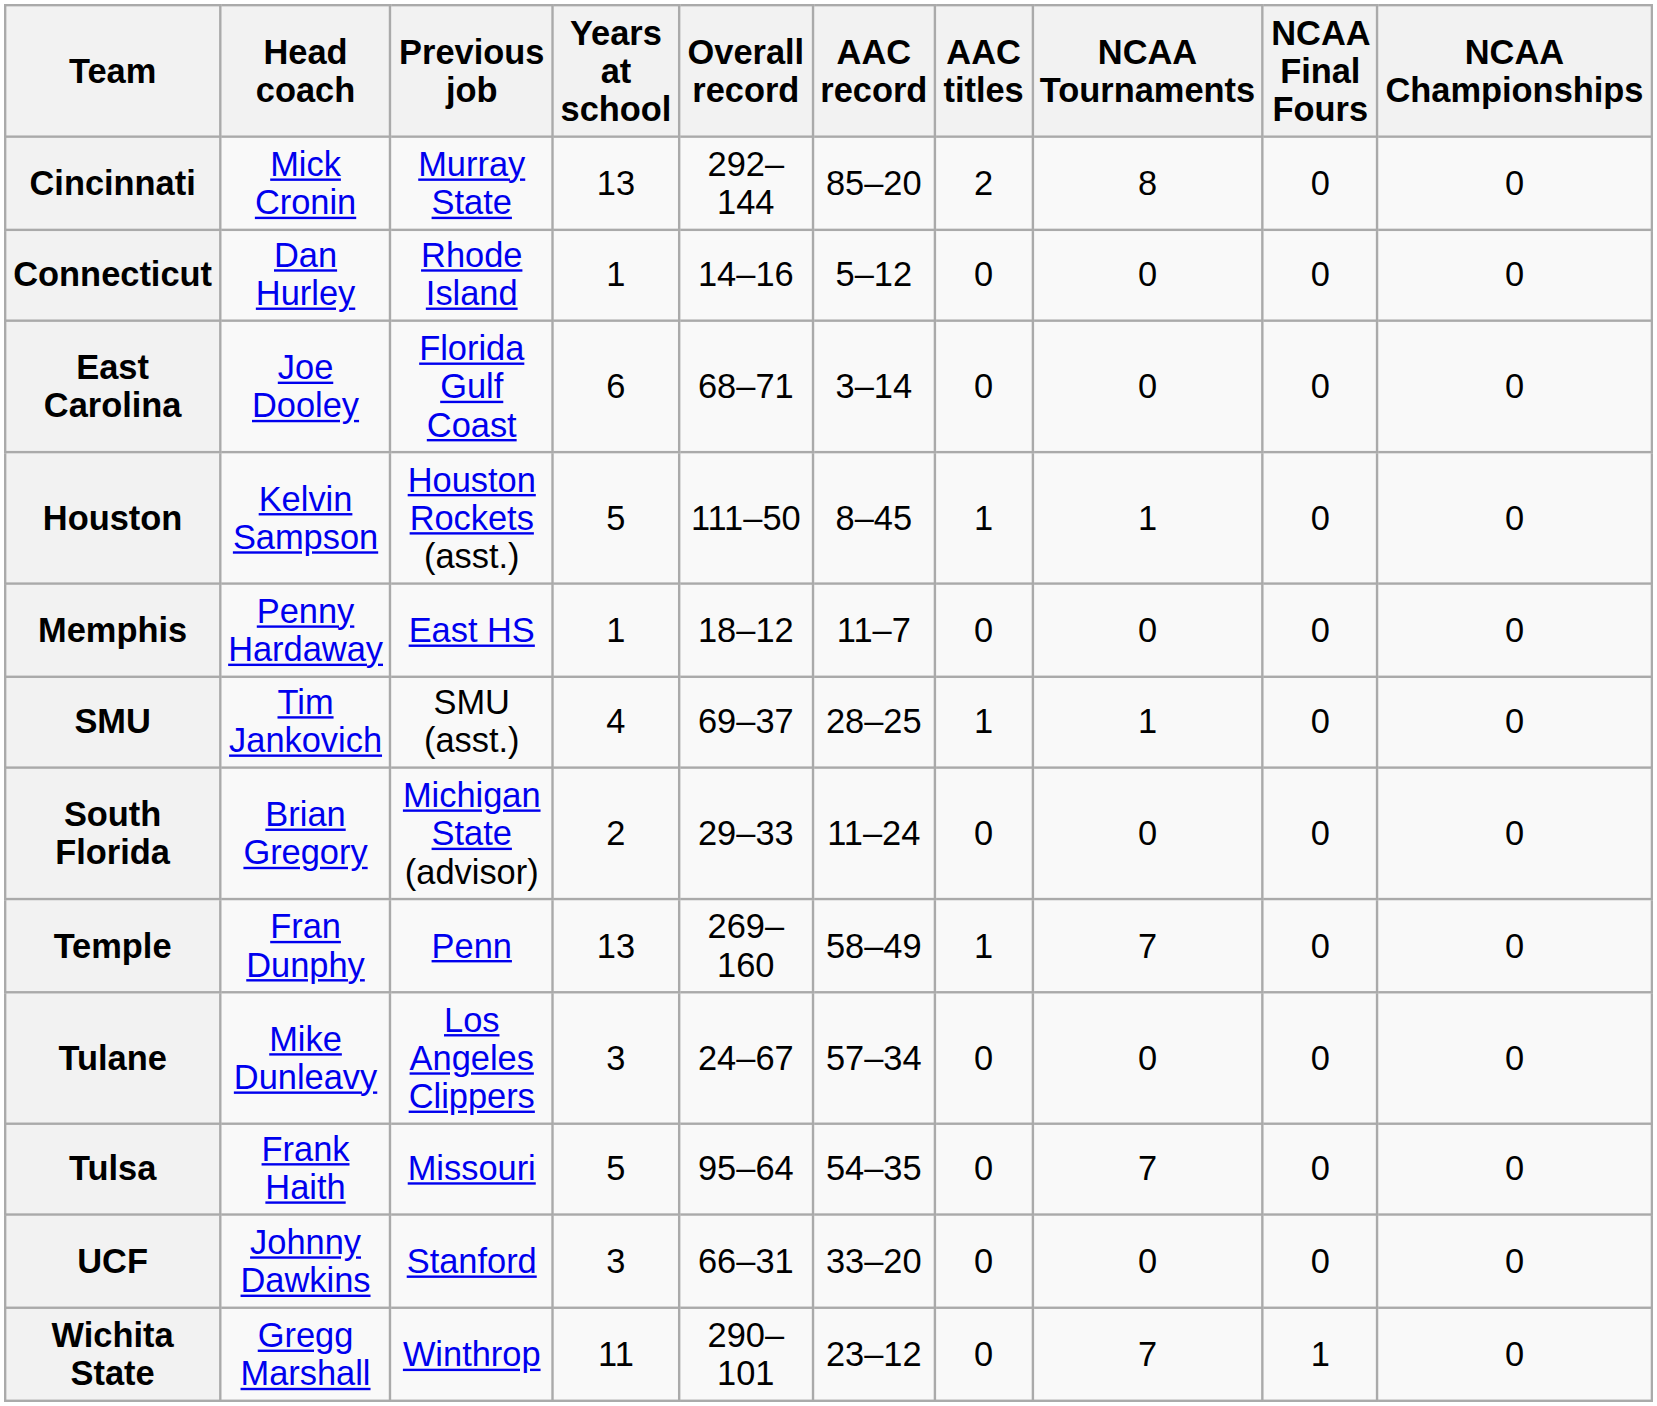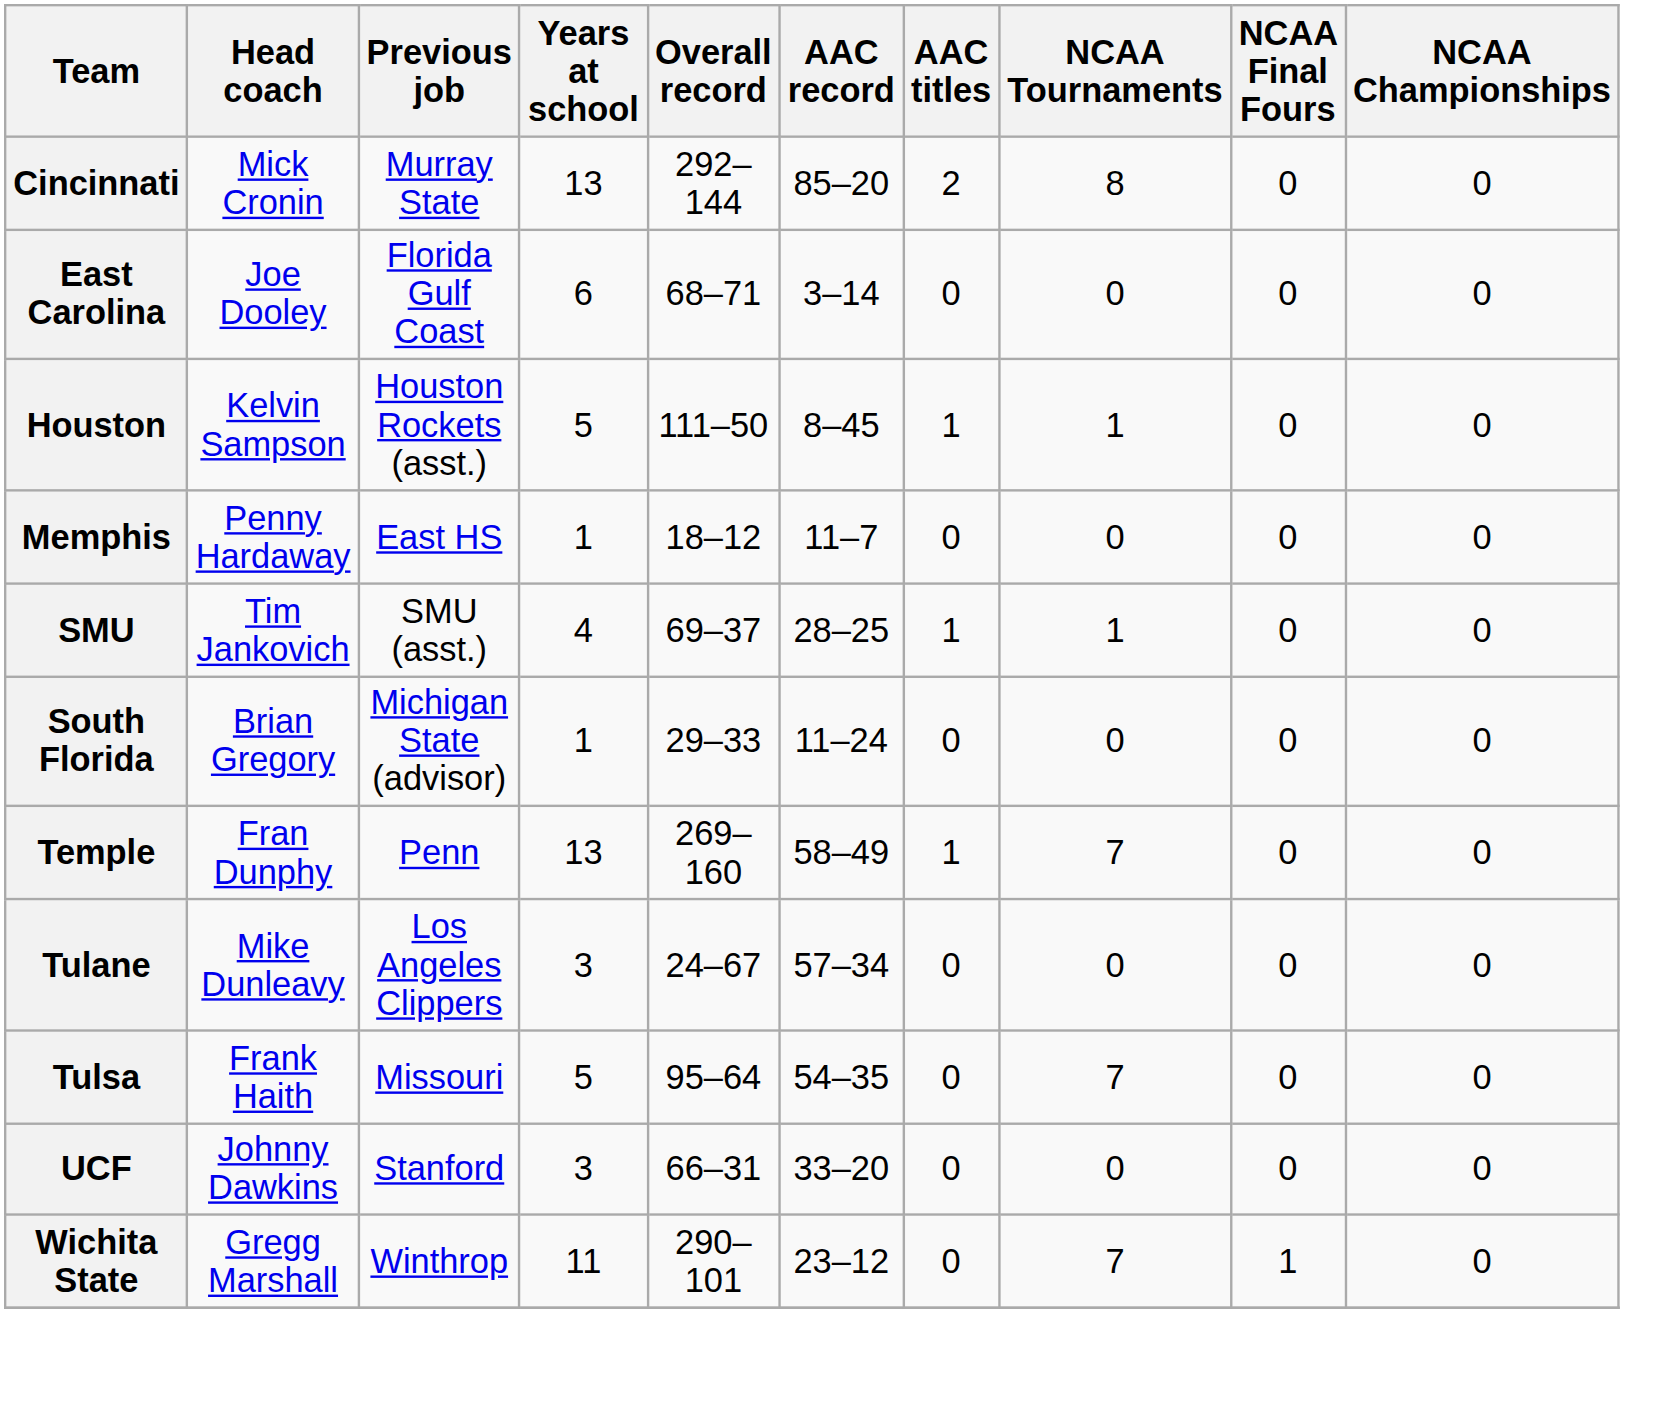 <table class="wikitable sortable" style="text-align: center;font-size:90%;">
 <tr>
 <th width="110">Team</th>
 <th>Head coach</th>
 <th>Previous job</th>
 <th>Years at school</th>
 <th>Overall record</th>
 <th>AAC record</th>
 <th>AAC titles</th>
 <th>NCAA Tournaments</th>
 <th>NCAA Final Fours</th>
 <th>NCAA Championships</th>
 </tr>
 <tr>
 <th style=>Cincinnati</th>
 <td><a href='#'>Mick Cronin</a></td>
 <td><a href='#'>Murray State</a></td>
 <td>13</td>
 <td>292–144</td>
 <td>85–20</td>
 <td>2</td>
 <td>8</td>
-<td>0</td>
-<td>0</td>
-</tr>
-<tr>
-<th style=>Connecticut</th>
-<td><a href='#'>Dan Hurley</a></td>
-<td><a href='#'>Rhode Island</a></td>
-<td>1</td>
-<td>14–16</td>
-<td>5–12</td>
-<td>0</td>
-<td>0</td>
 <td>0</td>
 <td>0</td>
 </tr>
 <tr>
 <th style=>East Carolina</th>
 <td><a href='#'>Joe Dooley</a></td>
 <td><a href='#'>Florida Gulf Coast</a></td>
 <td>6</td>
 <td>68–71</td>
 <td>3–14</td>
 <td>0</td>
 <td>0</td>
 <td>0</td>
 <td>0</td>
 </tr>
 <tr>
 <th>Houston</th>
 <td><a href='#'>Kelvin Sampson</a></td>
 <td><a href='#'>Houston Rockets</a><br>(asst.)</td>
 <td>5</td>
 <td>111–50</td>
 <td>8–45</td>
 <td>1</td>
 <td>1</td>
 <td>0</td>
 <td>0</td>
 </tr>
 <tr>
 <th style=>Memphis</th>
 <td><a href='#'>Penny Hardaway</a></td>
 <td><a href='#'>East HS</a></td>
 <td>1</td>
 <td>18–12</td>
 <td>11–7</td>
 <td>0</td>
 <td>0</td>
 <td>0</td>
 <td>0</td>
 </tr>
 <tr>
 <th style=>SMU</th>
 <td><a href='#'>Tim Jankovich</a></td>
 <td>SMU<br>(asst.)</td>
 <td>4</td>
 <td>69–37</td>
 <td>28–25</td>
 <td>1</td>
 <td>1</td>
 <td>0</td>
 <td>0</td>
 </tr>
 <tr>
 <th style=>South Florida</th>
 <td><a href='#'>Brian Gregory</a></td>
 <td><a href='#'>Michigan State</a><br>(advisor)</td>
-<td>2</td>
+<td>1</td>
 <td>29–33</td>
 <td>11–24</td>
 <td>0</td>
 <td>0</td>
 <td>0</td>
 <td>0</td>
 </tr>
 <tr>
 <th style=>Temple</th>
 <td><a href='#'>Fran Dunphy</a></td>
 <td><a href='#'>Penn</a></td>
 <td>13</td>
 <td>269–160</td>
 <td>58–49</td>
 <td>1</td>
 <td>7</td>
 <td>0</td>
 <td>0</td>
 </tr>
 <tr>
 <th style=>Tulane</th>
 <td><a href='#'>Mike Dunleavy</a></td>
 <td><a href='#'>Los Angeles Clippers</a></td>
 <td>3</td>
 <td>24–67</td>
 <td>57–34</td>
 <td>0</td>
 <td>0</td>
 <td>0</td>
 <td>0</td>
 </tr>
 <tr>
 <th style=>Tulsa</th>
 <td><a href='#'>Frank Haith</a></td>
 <td><a href='#'>Missouri</a></td>
 <td>5</td>
 <td>95–64</td>
 <td>54–35</td>
 <td>0</td>
 <td>7</td>
 <td>0</td>
 <td>0</td>
 </tr>
 <tr>
 <th style=>UCF</th>
 <td><a href='#'>Johnny Dawkins</a></td>
 <td><a href='#'>Stanford</a></td>
 <td>3</td>
 <td>66–31</td>
 <td>33–20</td>
 <td>0</td>
 <td>0</td>
 <td>0</td>
 <td>0</td>
 </tr>
 <tr>
 <th style=>Wichita State</th>
 <td><a href='#'>Gregg Marshall</a></td>
 <td><a href='#'>Winthrop</a></td>
 <td>11</td>
 <td>290–101</td>
 <td>23–12</td>
 <td>0</td>
 <td>7</td>
 <td>1</td>
 <td>0</td>
 </tr>
 <tr>
 </tr>
 </table>
